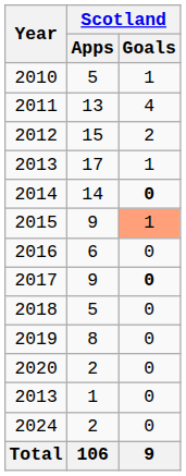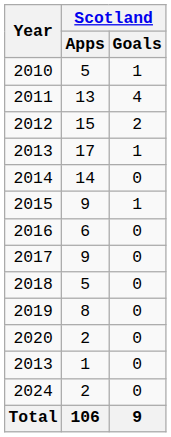 <table class="wikitable" style="text-align:center">
 <tr>
 <th rowspan=2>Year</th>
 <th colspan=2><a href='#'>Scotland</a></th>
 </tr>
 <tr>
 <th>Apps</th>
 <th>Goals</th>
 </tr>
 <tr>
 <td>2010</td>
 <td>5</td>
 <td>1</td>
 </tr>
 <tr>
 <td>2011</td>
 <td>13</td>
 <td>4</td>
 </tr>
 <tr>
 <td>2012</td>
 <td>15</td>
 <td>2</td>
 </tr>
 <tr>
 <td>2013</td>
 <td>17</td>
 <td>1</td>
 </tr>
 <tr>
 <td>2014</td>
 <td>14</td>
-<td><strong>0</strong></td>
+<td>0</td>
 </tr>
 <tr>
 <td>2015</td>
 <td>9</td>
-<td style="background: lightsalmon;">1</td>
+<td>1</td>
 </tr>
 <tr>
 <td>2016</td>
 <td>6</td>
 <td>0</td>
 </tr>
 <tr>
 <td>2017</td>
 <td>9</td>
-<td><strong>0</strong></td>
+<td>0</td>
 </tr>
 <tr>
 <td>2018</td>
 <td>5</td>
 <td>0</td>
 </tr>
 <tr>
 <td>2019</td>
 <td>8</td>
 <td>0</td>
 </tr>
 <tr>
 <td>2020</td>
 <td>2</td>
 <td>0</td>
 </tr>
 <tr>
 <td>2013</td>
 <td>1</td>
 <td>0</td>
 </tr>
 <tr>
 <td>2024</td>
 <td>2</td>
 <td>0</td>
 </tr>
 <tr>
 <th>Total</th>
 <th>106</th>
 <th>9</th>
 </tr>
 </table>
